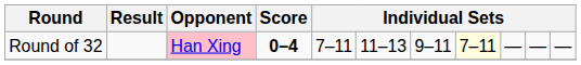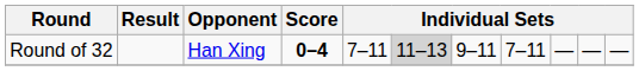 <table class="wikitable">
 <tr>
 <th>Round</th>
 <th>Result</th>
 <th>Opponent</th>
 <th>Score</th>
 <th colspan ="7">Individual Sets</th>
 </tr>
 <tr>
 <td align="center">Round of 32</td>
 <td></td>
-<td style="background: pink;"> <a href='#'>Han Xing</a></td>
+<td> <a href='#'>Han Xing</a></td>
 <td align="center"><strong>0–4</strong></td>
 <td>7–11</td>
-<td>11–13</td>
+<td style="background: lightgrey;">11–13</td>
 <td>9–11</td>
-<td style="background: lightyellow;">7–11</td>
+<td>7–11</td>
 <td align="center">—</td>
 <td align="center">—</td>
 <td align="center">—</td>
 </tr>
 <tr>
 </tr>
 </table>
